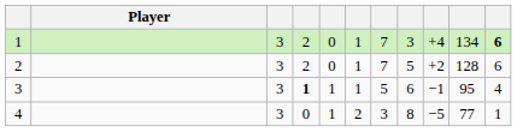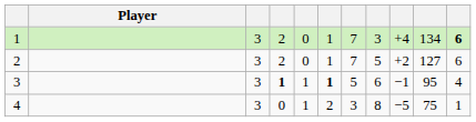 <table class="wikitable" style="text-align:center; margin: 1em auto 1em auto, align:left">
 <tr>
 <th width=20></th>
 <th width=240>Player</th>
 <th width=20></th>
 <th width=20></th>
 <th width=20></th>
 <th width=20></th>
 <th width=20></th>
 <th width=20></th>
 <th width=20></th>
 <th width=30></th>
 <th width=20></th>
 </tr>
 <tr style="background:#D0F0C0;">
 <td>1</td>
 <td align=left></td>
 <td>3</td>
 <td>2</td>
 <td>0</td>
 <td>1</td>
 <td>7</td>
 <td>3</td>
 <td>+4</td>
 <td>134</td>
 <td><strong>6</strong></td>
 </tr>
 <tr style=>
 <td>2</td>
 <td align=left></td>
 <td>3</td>
 <td>2</td>
 <td>0</td>
 <td>1</td>
 <td>7</td>
 <td>5</td>
 <td>+2</td>
-<td>128</td>
+<td>127</td>
 <td>6</td>
 </tr>
 <tr style=>
 <td>3</td>
 <td align=left></td>
 <td>3</td>
 <td><strong>1</strong></td>
 <td>1</td>
-<td>1</td>
+<td><strong>1</strong></td>
 <td>5</td>
 <td>6</td>
 <td>−1</td>
 <td>95</td>
 <td>4</td>
 </tr>
 <tr style=>
 <td>4</td>
 <td align=left></td>
 <td>3</td>
 <td>0</td>
 <td>1</td>
 <td>2</td>
 <td>3</td>
 <td>8</td>
 <td>−5</td>
-<td>77</td>
+<td>75</td>
 <td>1</td>
 </tr>
 </table>
